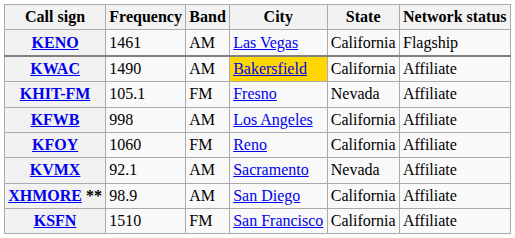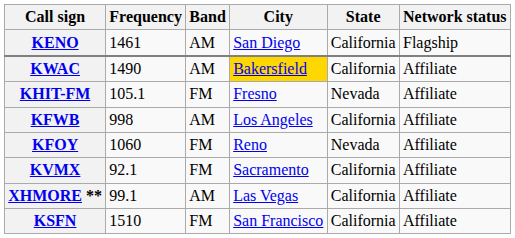 <table class="wikitable sortable">
 <tr>
 <th>Call sign</th>
 <th>Frequency</th>
 <th>Band</th>
 <th>City</th>
 <th>State</th>
 <th>Network status</th>
 </tr>
 <tr style="border-bottom:2px solid gray;">
 <th scope = "row"><a href='#'>KENO</a></th>
 <td>1461</td>
 <td>AM</td>
-<td><a href='#'>Las Vegas</a></td>
+<td><a href='#'>San Diego</a></td>
 <td>California</td>
 <td>Flagship</td>
 </tr>
 <tr>
 <th scope = "row"><a href='#'>KWAC</a></th>
 <td>1490</td>
 <td>AM</td>
 <td style="background: gold;"><a href='#'>Bakersfield</a></td>
 <td>California</td>
 <td>Affiliate</td>
 </tr>
 <tr>
 <th scope = "row"><a href='#'>KHIT-FM</a></th>
 <td>105.1</td>
 <td>FM</td>
 <td><a href='#'>Fresno</a></td>
 <td>Nevada</td>
 <td>Affiliate</td>
 </tr>
 <tr>
 <th scope = "row"><a href='#'>KFWB</a></th>
 <td>998</td>
 <td>AM</td>
 <td><a href='#'>Los Angeles</a></td>
 <td>California</td>
 <td>Affiliate</td>
 </tr>
 <tr>
 <th scope = "row"><a href='#'>KFOY</a></th>
 <td>1060</td>
 <td>FM</td>
 <td><a href='#'>Reno</a></td>
-<td>California</td>
+<td>Nevada</td>
 <td>Affiliate</td>
 </tr>
 <tr>
 <th scope = "row"><a href='#'>KVMX</a></th>
 <td>92.1</td>
-<td>AM</td>
+<td>FM</td>
 <td><a href='#'>Sacramento</a></td>
-<td>Nevada</td>
+<td>California</td>
 <td>Affiliate</td>
 </tr>
 <tr>
 <th scope = "row"><a href='#'>XHMORE</a> **</th>
-<td>98.9</td>
+<td>99.1</td>
 <td>AM</td>
-<td><a href='#'>San Diego</a></td>
+<td><a href='#'>Las Vegas</a></td>
 <td>California</td>
 <td>Affiliate</td>
 </tr>
 <tr>
 <th scope = "row"><a href='#'>KSFN</a></th>
 <td>1510</td>
 <td>FM</td>
 <td><a href='#'>San Francisco</a></td>
 <td>California</td>
 <td>Affiliate</td>
 </tr>
 </table>
